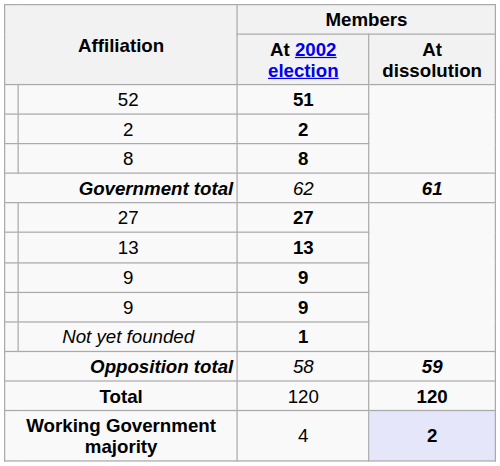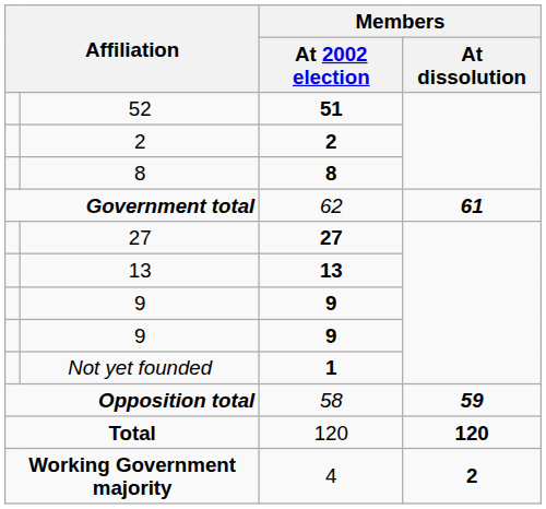 <table class="wikitable" border="1" style="font-size:95%; width:300pt; text-align:center">
 <tr>
 <th colspan="2" rowspan="2" style="text-align:center;vertical-align:middle; ">Affiliation</th>
 <th colspan="2" style="vertical-align:top;">Members</th>
 </tr>
 <tr>
 <th>At <a href='#'>2002 election</a></th>
 <th>At dissolution</th>
 </tr>
 <tr>
 <td></td>
 <td>52</td>
 <td><strong>51</strong></td>
 </tr>
 <tr>
 <td></td>
 <td>2</td>
 <td><strong>2</strong></td>
 </tr>
 <tr>
 <td> </td>
 <td>8</td>
 <td><strong>8</strong></td>
 </tr>
 <tr>
 <td colspan="2" rowspan="1" style="text-align:right; "><strong><em>Government total</em></strong></td>
 <td><em>62</em></td>
 <td><strong><em>61</em></strong></td>
 </tr>
 <tr>
 <td></td>
 <td>27</td>
 <td><strong>27</strong></td>
 </tr>
 <tr>
 <td></td>
 <td>13</td>
 <td><strong>13</strong></td>
 </tr>
 <tr>
 <td></td>
 <td>9</td>
 <td><strong>9</strong></td>
 </tr>
 <tr>
 <td> </td>
 <td>9</td>
 <td><strong>9</strong></td>
 </tr>
 <tr>
 <td></td>
 <td><em>Not yet founded</em></td>
 <td><strong>1</strong> </td>
 </tr>
 <tr>
 <td colspan="2" rowspan="1" style="text-align:right; "><strong><em>Opposition total</em></strong></td>
 <td><em>58</em></td>
 <td><strong><em>59</em></strong></td>
 </tr>
 <tr>
 <td colspan="2" rowspan="1"><strong>Total</strong><br></td>
 <td>120</td>
 <td><strong>120</strong></td>
 </tr>
 <tr>
 <td colspan="2" rowspan="1"><strong>Working Government majority</strong> </td>
 <td>4</td>
-<td style="background: lavender;"><strong>2</strong></td>
+<td><strong>2</strong></td>
 </tr>
 </table>
